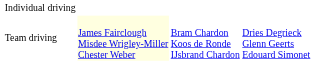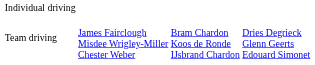 <table>
 <tr>
 <td>Individual driving<br></td>
 <td></td>
 <td></td>
 <td></td>
 </tr>
 <tr>
 <td>Team driving<br></td>
-<td style="background: lightyellow;"><br><a href='#'>James Fairclough</a><br><a href='#'>Misdee Wrigley-Miller</a><br><a href='#'>Chester Weber</a></td>
+<td><br><a href='#'>James Fairclough</a><br><a href='#'>Misdee Wrigley-Miller</a><br><a href='#'>Chester Weber</a></td>
 <td><br><a href='#'>Bram Chardon</a><br><a href='#'>Koos de Ronde</a><br><a href='#'>IJsbrand Chardon</a></td>
 <td><br><a href='#'>Dries Degrieck</a><br><a href='#'>Glenn Geerts</a><br><a href='#'>Edouard Simonet</a></td>
 </tr>
 </table>
